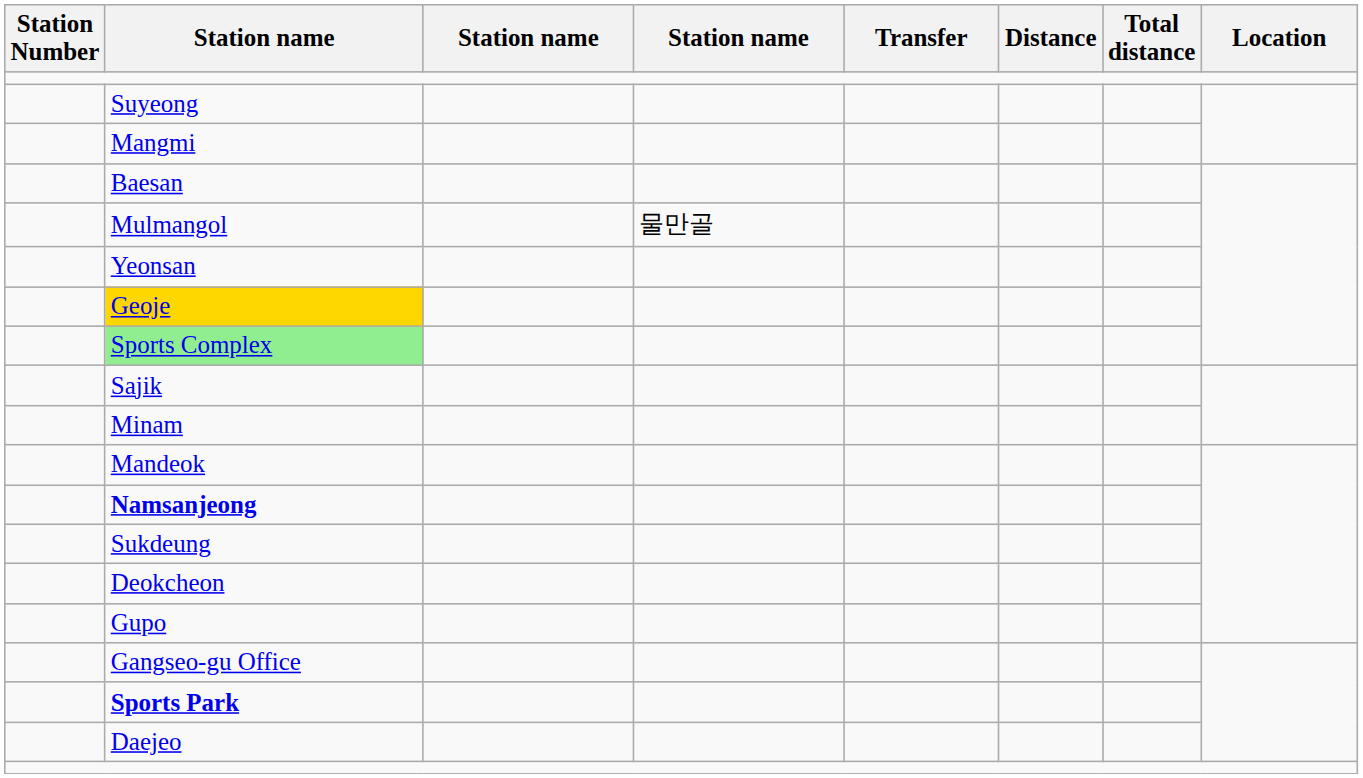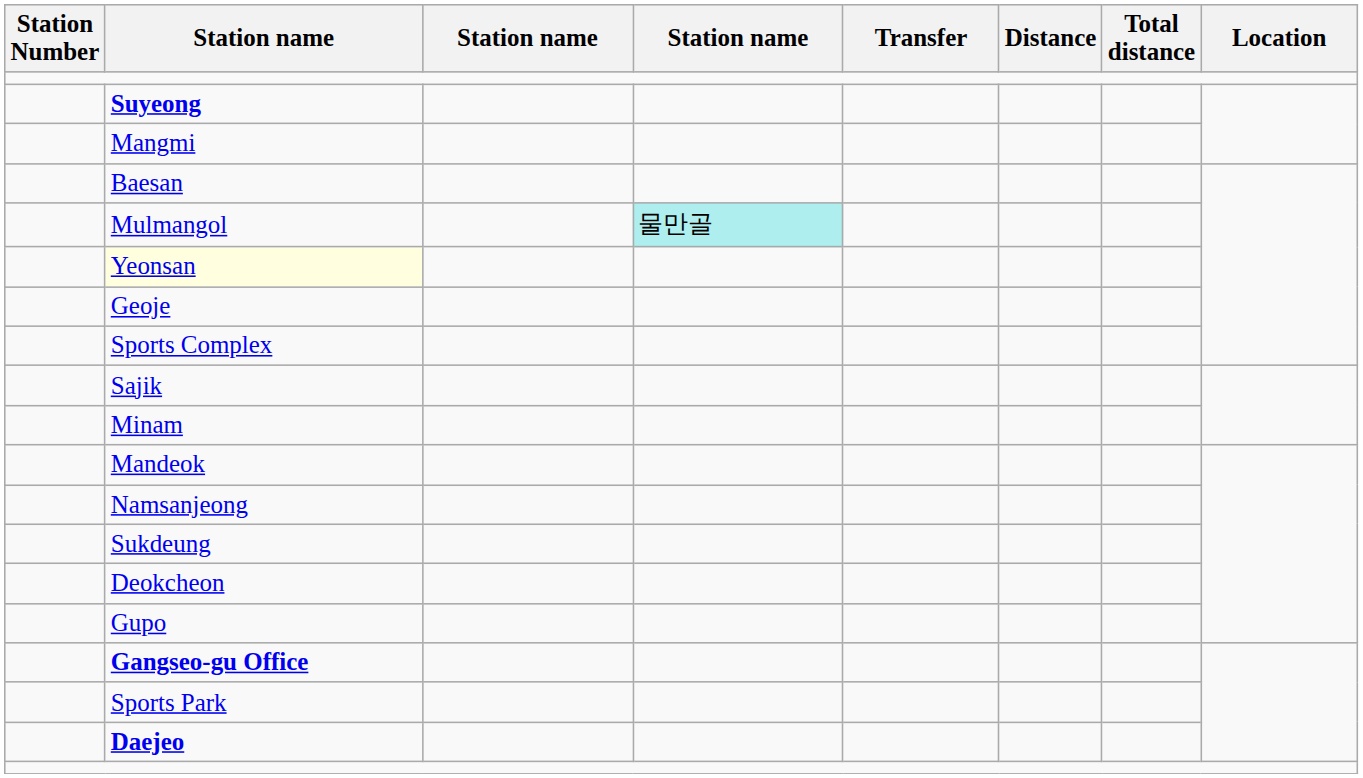 <table class="wikitable">
 <tr>
 <th>Station<br>Number</th>
 <th width="220pt">Station name<br></th>
 <th width="145pt">Station name<br></th>
 <th width="145pt">Station name<br></th>
 <th width="100pt">Transfer</th>
 <th>Distance<br></th>
 <th>Total<br>distance</th>
 <th>Location</th>
 </tr>
 <tr style="background:#">
 <td colspan="10"></td>
 </tr>
 <tr>
 <td></td>
-<td><a href='#'>Suyeong</a></td>
+<td><strong><a href='#'>Suyeong</a></strong></td>
 <td></td>
 <td></td>
 <td></td>
 <td></td>
 <td></td>
 <td rowspan="2" width="100pt"></td>
 </tr>
 <tr>
 <td></td>
 <td><a href='#'>Mangmi</a></td>
 <td><br><small></small></td>
 <td></td>
 <td></td>
 <td></td>
 <td></td>
 </tr>
 <tr>
 <td></td>
 <td><a href='#'>Baesan</a></td>
 <td></td>
 <td></td>
 <td></td>
 <td></td>
 <td></td>
 <td rowspan="5" width="100pt"></td>
 </tr>
 <tr>
 <td></td>
 <td><a href='#'>Mulmangol</a></td>
 <td></td>
-<td>물만골</td>
+<td style="background: paleturquoise;">물만골</td>
 <td></td>
 <td></td>
 <td></td>
 </tr>
 <tr>
 <td></td>
-<td><a href='#'>Yeonsan</a></td>
+<td style="background: lightyellow;"><a href='#'>Yeonsan</a></td>
 <td></td>
 <td></td>
 <td></td>
 <td></td>
 <td></td>
 </tr>
 <tr>
 <td></td>
-<td style="background: gold;"><a href='#'>Geoje</a></td>
+<td><a href='#'>Geoje</a></td>
 <td></td>
 <td></td>
 <td></td>
 <td></td>
 <td></td>
 </tr>
 <tr>
 <td></td>
-<td style="background: lightgreen;"><a href='#'>Sports Complex</a></td>
+<td><a href='#'>Sports Complex</a></td>
 <td><br><small></small></td>
 <td></td>
 <td></td>
 <td></td>
 <td></td>
 </tr>
 <tr>
 <td></td>
 <td><a href='#'>Sajik</a></td>
 <td></td>
 <td></td>
 <td></td>
 <td></td>
 <td></td>
 <td rowspan="2" width="100pt"></td>
 </tr>
 <tr>
 <td></td>
 <td><a href='#'>Minam</a></td>
 <td></td>
 <td></td>
 <td></td>
 <td></td>
 <td></td>
 </tr>
 <tr>
 <td></td>
 <td><a href='#'>Mandeok</a></td>
 <td></td>
 <td></td>
 <td></td>
 <td></td>
 <td></td>
 <td rowspan="5" width="100pt"></td>
 </tr>
 <tr>
 <td></td>
-<td><strong><a href='#'>Namsanjeong</a></strong></td>
+<td><a href='#'>Namsanjeong</a></td>
 <td><br><small></small></td>
 <td></td>
 <td></td>
 <td></td>
 <td></td>
 </tr>
 <tr>
 <td></td>
 <td><a href='#'>Sukdeung</a></td>
 <td><br><small></small></td>
 <td></td>
 <td></td>
 <td></td>
 <td></td>
 </tr>
 <tr>
 <td></td>
 <td><a href='#'>Deokcheon</a></td>
 <td><br><small></small></td>
 <td></td>
 <td></td>
 <td></td>
 <td></td>
 </tr>
 <tr>
 <td></td>
 <td><a href='#'>Gupo</a></td>
 <td></td>
 <td></td>
 <td><br> </td>
 <td></td>
 <td></td>
 </tr>
 <tr>
 <td></td>
-<td><a href='#'>Gangseo-gu Office</a></td>
+<td><strong><a href='#'>Gangseo-gu Office</a></strong></td>
 <td></td>
 <td></td>
 <td></td>
 <td></td>
 <td></td>
 <td rowspan="3" width="100pt"></td>
 </tr>
 <tr>
 <td></td>
-<td><strong><a href='#'>Sports Park</a></strong></td>
+<td><a href='#'>Sports Park</a></td>
 <td></td>
 <td></td>
 <td></td>
 <td></td>
 <td></td>
 </tr>
 <tr>
 <td></td>
-<td><a href='#'>Daejeo</a></td>
+<td><strong><a href='#'>Daejeo</a></strong></td>
 <td></td>
 <td></td>
 <td></td>
 <td></td>
 <td></td>
 </tr>
 <tr style="background:#">
 <td colspan="10"></td>
 </tr>
 </table>
